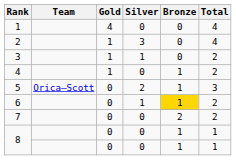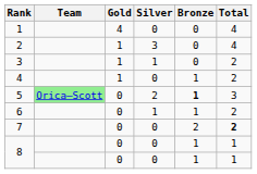 <table class="wikitable" style="text-align: center">
 <tr>
 <th>Rank</th>
 <th>Team</th>
 <th>Gold</th>
 <th>Silver</th>
 <th>Bronze</th>
 <th>Total</th>
 </tr>
 <tr>
 <td>1</td>
 <td align=left> </td>
 <td>4</td>
 <td>0</td>
 <td>0</td>
 <td>4</td>
 </tr>
 <tr>
 <td>2</td>
 <td align=left> </td>
 <td>1</td>
 <td>3</td>
 <td>0</td>
 <td>4</td>
 </tr>
 <tr>
 <td>3</td>
 <td align=left> </td>
 <td>1</td>
 <td>1</td>
 <td>0</td>
 <td>2</td>
 </tr>
 <tr>
 <td>4</td>
 <td align=left> </td>
 <td>1</td>
 <td>0</td>
 <td>1</td>
 <td>2</td>
 </tr>
 <tr>
 <td>5</td>
-<td align=left> <a href='#'>Orica–Scott</a></td>
+<td align=left style="background: lightgreen;"> <a href='#'>Orica–Scott</a></td>
 <td>0</td>
 <td>2</td>
-<td>1</td>
+<td><strong>1</strong></td>
 <td>3</td>
 </tr>
 <tr>
 <td>6</td>
 <td align=left> </td>
 <td>0</td>
 <td>1</td>
-<td style="background: gold;">1</td>
+<td>1</td>
 <td>2</td>
 </tr>
 <tr>
 <td>7</td>
 <td align=left> </td>
 <td>0</td>
 <td>0</td>
 <td>2</td>
-<td>2</td>
+<td><strong>2</strong></td>
 </tr>
 <tr>
 <td rowspan=2>8</td>
 <td align=left> </td>
 <td>0</td>
 <td>0</td>
 <td>1</td>
 <td>1</td>
 </tr>
 <tr>
 <td align=left> </td>
 <td>0</td>
 <td>0</td>
 <td>1</td>
 <td>1</td>
 </tr>
 </table>
